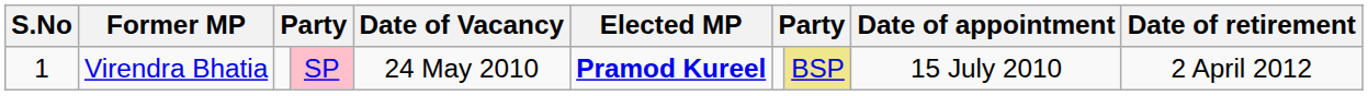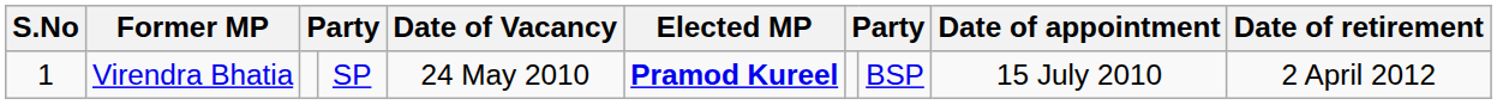 <table class="wikitable sortable">
 <tr>
 <th>S.No</th>
 <th>Former MP</th>
 <th colspan=2>Party</th>
 <th>Date of Vacancy</th>
 <th>Elected MP</th>
 <th colspan=2>Party</th>
 <th>Date of appointment</th>
 <th>Date of retirement</th>
 </tr>
 <tr style="text-align:center;">
 <td>1</td>
 <td><a href='#'>Virendra Bhatia</a></td>
 <td></td>
-<td style="background: pink;"><a href='#'>SP</a></td>
+<td><a href='#'>SP</a></td>
 <td>24 May 2010</td>
 <td><strong><a href='#'>Pramod Kureel</a></strong></td>
 <td></td>
-<td style="background: khaki;"><a href='#'>BSP</a></td>
+<td><a href='#'>BSP</a></td>
 <td>15 July 2010</td>
 <td>2 April 2012</td>
 </tr>
 </table>
